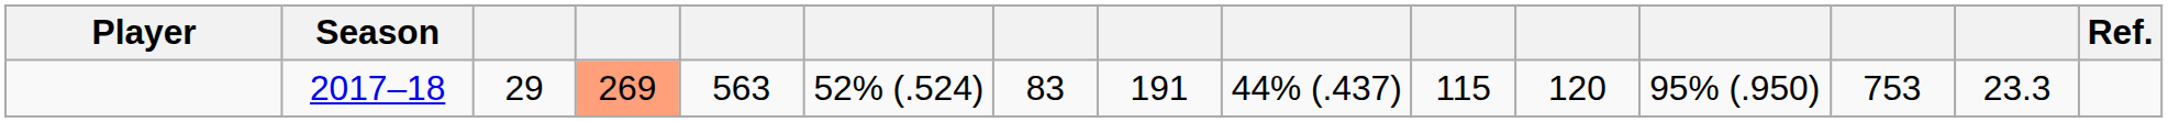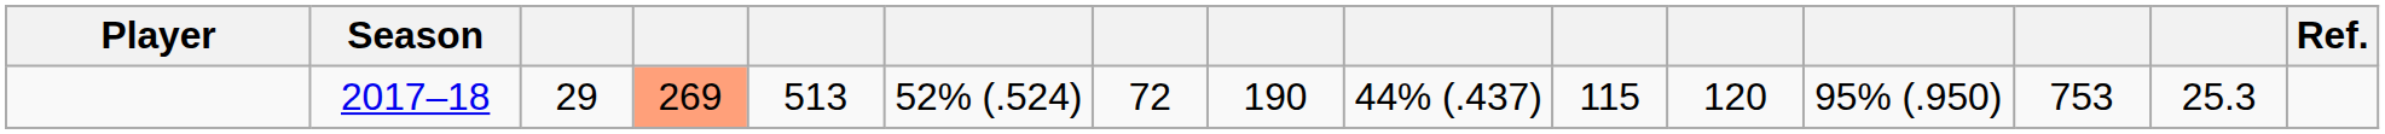 <table class="wikitable sortable">
 <tr>
 <th width="120">Player</th>
 <th width="80">Season</th>
 <th width="40"></th>
 <th width="40"></th>
 <th width="50"></th>
 <th width="80"></th>
 <th width="40"></th>
 <th width="50"></th>
 <th width="80"></th>
 <th width="40"></th>
 <th width="50"></th>
 <th width="80"></th>
 <th width="50"></th>
 <th width="50"></th>
 <th class=unsortable>Ref.</th>
 </tr>
 <tr>
 <td style="text-align:center;"></td>
 <td style="text-align:center;"><a href='#'>2017–18</a></td>
 <td style="text-align:center;">29</td>
 <td style="background: lightsalmon; text-align:center;">269</td>
-<td style="text-align:center;">563</td>
+<td style="text-align:center;">513</td>
 <td style="text-align:center;">52% (.524)</td>
-<td style="text-align:center;">83</td>
-<td style="text-align:center;">191</td>
+<td style="text-align:center;">72</td>
+<td style="text-align:center;">190</td>
 <td style="text-align:center;">44% (.437)</td>
 <td style="text-align:center;">115</td>
 <td style="text-align:center;">120</td>
 <td style="text-align:center;">95% (.950)</td>
 <td style="text-align:center;">753</td>
-<td style="text-align:center;">23.3</td>
+<td style="text-align:center;">25.3</td>
 <td style="text-align:center;"></td>
 </tr>
 </table>
